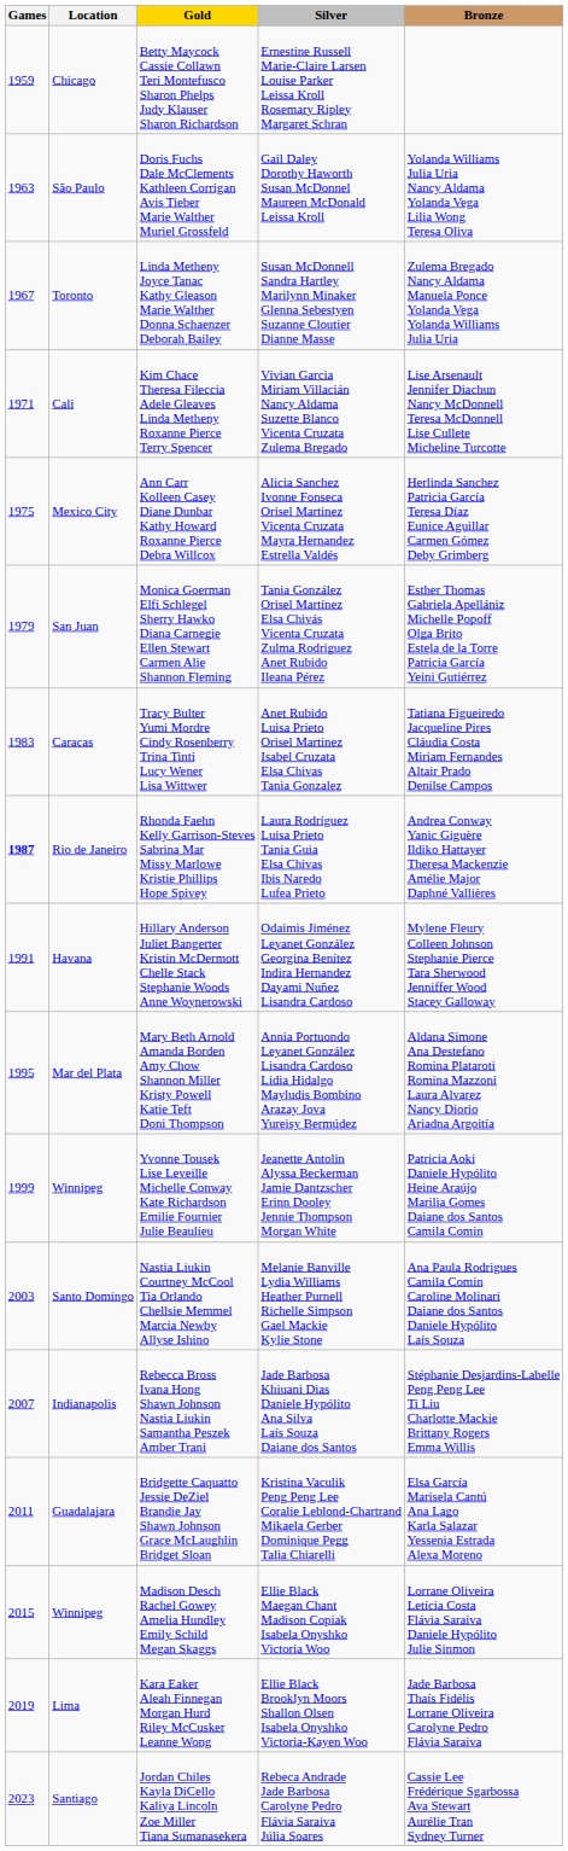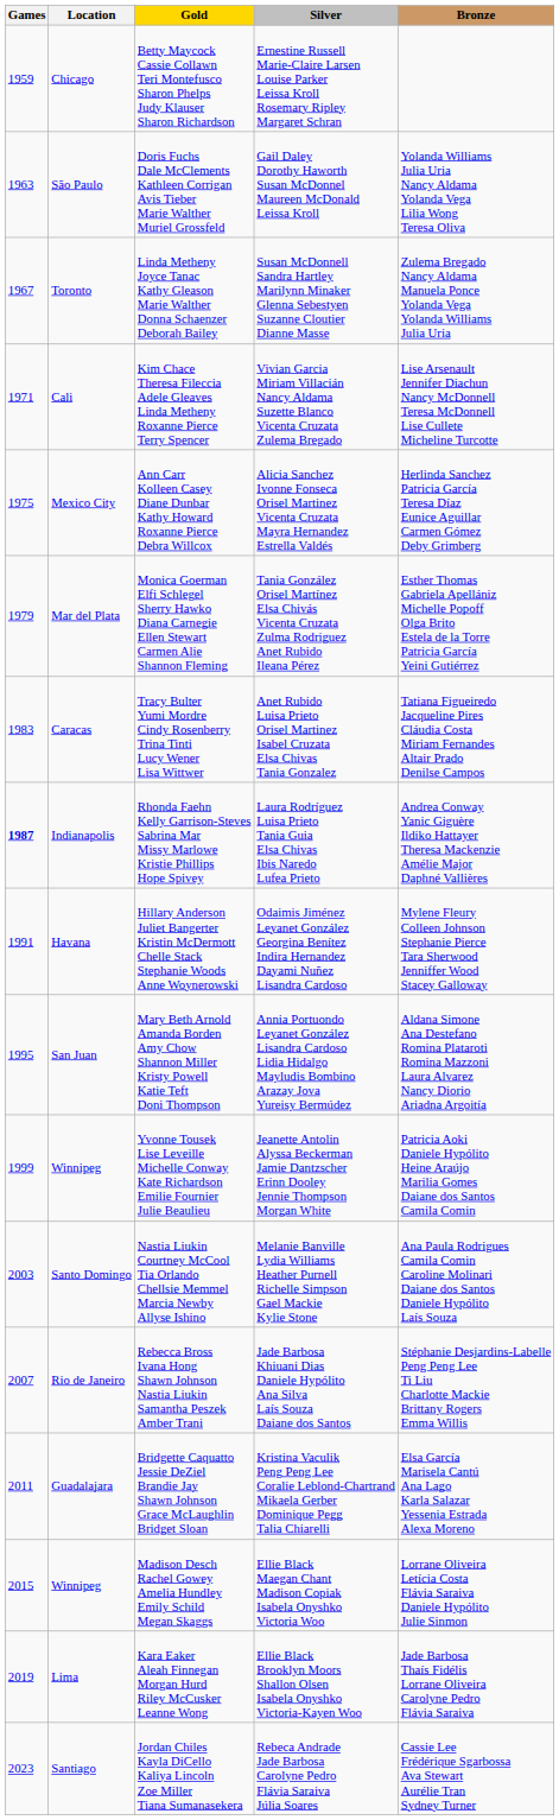 <table class="wikitable">
 <tr>
 <th>Games</th>
 <th>Location</th>
 <th style="background-color:gold;">Gold</th>
 <th style="background-color:silver;">Silver</th>
 <th style="background-color:#cc9966;">Bronze</th>
 </tr>
 <tr>
 <td><a href='#'>1959</a></td>
 <td> <a href='#'>Chicago</a></td>
 <td><br><a href='#'>Betty Maycock</a><br><a href='#'>Cassie Collawn</a><br><a href='#'>Teri Montefusco</a><br><a href='#'>Sharon Phelps</a><br><a href='#'>Judy Klauser</a><br><a href='#'>Sharon Richardson</a></td>
 <td><br><a href='#'>Ernestine Russell</a><br><a href='#'>Marie-Claire Larsen</a><br><a href='#'>Louise Parker</a><br><a href='#'>Leissa Kroll</a><br><a href='#'>Rosemary Ripley</a><br><a href='#'>Margaret Schran</a></td>
 <td></td>
 </tr>
 <tr>
 <td><a href='#'>1963</a></td>
 <td> <a href='#'>São Paulo</a></td>
 <td><br><a href='#'>Doris Fuchs</a><br><a href='#'>Dale McClements</a><br><a href='#'>Kathleen Corrigan</a><br><a href='#'>Avis Tieber</a><br><a href='#'>Marie Walther</a><br><a href='#'>Muriel Grossfeld</a></td>
 <td valign=top><br><a href='#'>Gail Daley</a><br><a href='#'>Dorothy Haworth</a><br><a href='#'>Susan McDonnel</a><br><a href='#'>Maureen McDonald</a><br><a href='#'>Leissa Kroll</a></td>
 <td><br><a href='#'>Yolanda Williams</a><br><a href='#'>Julia Uria</a><br><a href='#'>Nancy Aldama</a><br><a href='#'>Yolanda Vega</a><br><a href='#'>Lilia Wong</a><br><a href='#'>Teresa Oliva</a></td>
 </tr>
 <tr>
 <td><a href='#'>1967</a></td>
 <td> <a href='#'>Toronto</a></td>
 <td><br><a href='#'>Linda Metheny</a><br><a href='#'>Joyce Tanac</a><br><a href='#'>Kathy Gleason</a><br><a href='#'>Marie Walther</a><br><a href='#'>Donna Schaenzer</a><br><a href='#'>Deborah Bailey</a></td>
 <td><br><a href='#'>Susan McDonnell</a><br><a href='#'>Sandra Hartley</a><br><a href='#'>Marilynn Minaker</a><br><a href='#'>Glenna Sebestyen</a><br><a href='#'>Suzanne Cloutier</a><br><a href='#'>Dianne Masse</a></td>
 <td><br><a href='#'>Zulema Bregado</a><br><a href='#'>Nancy Aldama</a><br><a href='#'>Manuela Ponce</a><br><a href='#'>Yolanda Vega</a><br><a href='#'>Yolanda Williams</a><br><a href='#'>Julia Uria</a></td>
 </tr>
 <tr>
 <td><a href='#'>1971</a></td>
 <td> <a href='#'>Cali</a></td>
 <td><br><a href='#'>Kim Chace</a><br><a href='#'>Theresa Fileccia</a><br><a href='#'>Adele Gleaves</a><br><a href='#'>Linda Metheny</a><br><a href='#'>Roxanne Pierce</a><br><a href='#'>Terry Spencer</a></td>
 <td><br><a href='#'>Vivian Garcia</a><br><a href='#'>Miriam Villacián</a><br><a href='#'>Nancy Aldama</a><br><a href='#'>Suzette Blanco</a><br><a href='#'>Vicenta Cruzata</a><br><a href='#'>Zulema Bregado</a></td>
 <td><br><a href='#'>Lise Arsenault</a><br><a href='#'>Jennifer Diachun</a><br><a href='#'>Nancy McDonnell</a><br><a href='#'>Teresa McDonnell</a><br><a href='#'>Lise Cullete</a><br><a href='#'>Micheline Turcotte</a></td>
 </tr>
 <tr>
 <td><a href='#'>1975</a></td>
 <td> <a href='#'>Mexico City</a></td>
 <td><br><a href='#'>Ann Carr</a><br><a href='#'>Kolleen Casey</a><br><a href='#'>Diane Dunbar</a><br><a href='#'>Kathy Howard</a><br><a href='#'>Roxanne Pierce</a><br><a href='#'>Debra Willcox</a></td>
 <td><br><a href='#'>Alicia Sanchez</a><br><a href='#'>Ivonne Fonseca</a><br><a href='#'>Orisel Martinez</a><br><a href='#'>Vicenta Cruzata</a><br><a href='#'>Mayra Hernandez</a><br><a href='#'>Estrella Valdés</a></td>
 <td><br><a href='#'>Herlinda Sanchez</a><br><a href='#'>Patricia García</a><br><a href='#'>Teresa Díaz</a><br><a href='#'>Eunice Aguillar</a><br><a href='#'>Carmen Gómez</a><br><a href='#'>Deby Grimberg</a></td>
 </tr>
 <tr>
 <td><a href='#'>1979</a></td>
-<td> <a href='#'>San Juan</a></td>
+<td> <a href='#'>Mar del Plata</a></td>
 <td><br><a href='#'>Monica Goerman</a><br><a href='#'>Elfi Schlegel</a><br><a href='#'>Sherry Hawko</a><br><a href='#'>Diana Carnegie</a><br><a href='#'>Ellen Stewart</a><br><a href='#'>Carmen Alie</a><br><a href='#'>Shannon Fleming</a></td>
 <td><br><a href='#'>Tania González</a><br><a href='#'>Orisel Martínez</a><br><a href='#'>Elsa Chivás</a><br><a href='#'>Vicenta Cruzata</a><br><a href='#'>Zulma Rodriguez</a><br><a href='#'>Anet Rubido</a><br><a href='#'>Ileana Pérez</a></td>
 <td><br><a href='#'>Esther Thomas</a><br><a href='#'>Gabriela Apellániz</a><br><a href='#'>Michelle Popoff</a><br><a href='#'>Olga Brito</a><br><a href='#'>Estela de la Torre</a><br><a href='#'>Patricia García</a><br><a href='#'>Yeini Gutiérrez</a></td>
 </tr>
 <tr>
 <td><a href='#'>1983</a></td>
 <td> <a href='#'>Caracas</a></td>
 <td><br><a href='#'>Tracy Bulter</a><br><a href='#'>Yumi Mordre</a><br><a href='#'>Cindy Rosenberry</a><br><a href='#'>Trina Tinti</a><br><a href='#'>Lucy Wener</a><br><a href='#'>Lisa Wittwer</a></td>
 <td><br><a href='#'>Anet Rubido</a><br><a href='#'>Luisa Prieto</a><br><a href='#'>Orisel Martinez</a><br><a href='#'>Isabel Cruzata</a><br><a href='#'>Elsa Chivas</a><br><a href='#'>Tania Gonzalez</a></td>
 <td><br><a href='#'>Tatiana Figueiredo</a><br><a href='#'>Jacqueline Pires</a><br><a href='#'>Cláudia Costa</a><br><a href='#'>Miriam Fernandes</a><br><a href='#'>Altair Prado</a><br><a href='#'>Denilse Campos</a></td>
 </tr>
 <tr>
 <td><strong><a href='#'>1987</a></strong></td>
-<td> <a href='#'>Rio de Janeiro</a></td>
+<td> <a href='#'>Indianapolis</a></td>
 <td><br><a href='#'>Rhonda Faehn</a><br><a href='#'>Kelly Garrison-Steves</a><br><a href='#'>Sabrina Mar</a><br><a href='#'>Missy Marlowe</a><br><a href='#'>Kristie Phillips</a><br><a href='#'>Hope Spivey</a></td>
 <td><br><a href='#'>Laura Rodríguez</a><br><a href='#'>Luisa Prieto</a><br><a href='#'>Tania Guia</a><br><a href='#'>Elsa Chivas</a><br><a href='#'>Ibis Naredo</a><br><a href='#'>Lufea Prieto</a></td>
 <td><br><a href='#'>Andrea Conway</a><br><a href='#'>Yanic Giguère</a><br><a href='#'>Ildiko Hattayer</a><br><a href='#'>Theresa Mackenzie</a><br><a href='#'>Amélie Major</a><br><a href='#'>Daphné Vallières</a></td>
 </tr>
 <tr>
 <td><a href='#'>1991</a></td>
 <td> <a href='#'>Havana</a></td>
 <td><br><a href='#'>Hillary Anderson</a><br><a href='#'>Juliet Bangerter</a><br><a href='#'>Kristin McDermott</a><br><a href='#'>Chelle Stack</a><br><a href='#'>Stephanie Woods</a><br><a href='#'>Anne Woynerowski</a></td>
 <td><br><a href='#'>Odaimis Jiménez</a><br><a href='#'>Leyanet González</a><br><a href='#'>Georgina Benítez</a><br><a href='#'>Indira Hernandez</a><br><a href='#'>Dayami Nuñez</a><br><a href='#'>Lisandra Cardoso</a></td>
 <td><br><a href='#'>Mylene Fleury</a><br><a href='#'>Colleen Johnson</a><br><a href='#'>Stephanie Pierce</a><br><a href='#'>Tara Sherwood</a><br><a href='#'>Jenniffer Wood</a><br><a href='#'>Stacey Galloway</a></td>
 </tr>
 <tr>
 <td><a href='#'>1995</a></td>
-<td> <a href='#'>Mar del Plata</a></td>
+<td> <a href='#'>San Juan</a></td>
 <td><br><a href='#'>Mary Beth Arnold</a><br><a href='#'>Amanda Borden</a><br><a href='#'>Amy Chow</a><br><a href='#'>Shannon Miller</a><br><a href='#'>Kristy Powell</a><br><a href='#'>Katie Teft</a><br><a href='#'>Doni Thompson</a></td>
 <td><br><a href='#'>Annia Portuondo</a><br><a href='#'>Leyanet González</a><br><a href='#'>Lisandra Cardoso</a><br><a href='#'>Lidia Hidalgo</a><br><a href='#'>Mayludis Bombino</a><br><a href='#'>Arazay Jova</a><br><a href='#'>Yureisy Bermúdez</a></td>
 <td><br><a href='#'>Aldana Simone</a><br><a href='#'>Ana Destefano</a><br><a href='#'>Romina Plataroti</a><br><a href='#'>Romina Mazzoni</a><br><a href='#'>Laura Alvarez</a><br><a href='#'>Nancy Diorio</a><br><a href='#'>Ariadna Argoitía</a></td>
 </tr>
 <tr>
 <td><a href='#'>1999</a></td>
 <td> <a href='#'>Winnipeg</a></td>
 <td><br><a href='#'>Yvonne Tousek</a><br><a href='#'>Lise Leveille</a><br><a href='#'>Michelle Conway</a><br><a href='#'>Kate Richardson</a><br><a href='#'>Emilie Fournier</a><br><a href='#'>Julie Beaulieu</a></td>
 <td><br><a href='#'>Jeanette Antolin</a><br><a href='#'>Alyssa Beckerman</a><br><a href='#'>Jamie Dantzscher</a><br><a href='#'>Erinn Dooley</a><br><a href='#'>Jennie Thompson</a><br><a href='#'>Morgan White</a></td>
 <td><br><a href='#'>Patricia Aoki</a><br><a href='#'>Daniele Hypólito</a><br><a href='#'>Heine Araújo</a><br><a href='#'>Marilia Gomes</a><br><a href='#'>Daiane dos Santos</a><br><a href='#'>Camila Comin</a></td>
 </tr>
 <tr>
 <td><a href='#'>2003</a></td>
 <td> <a href='#'>Santo Domingo</a></td>
 <td><br><a href='#'>Nastia Liukin</a><br><a href='#'>Courtney McCool</a><br><a href='#'>Tia Orlando</a><br><a href='#'>Chellsie Memmel</a><br><a href='#'>Marcia Newby</a><br><a href='#'>Allyse Ishino</a></td>
 <td><br><a href='#'>Melanie Banville</a><br><a href='#'>Lydia Williams</a><br><a href='#'>Heather Purnell</a><br><a href='#'>Richelle Simpson</a><br><a href='#'>Gael Mackie</a><br><a href='#'>Kylie Stone</a></td>
 <td><br><a href='#'>Ana Paula Rodrigues</a><br><a href='#'>Camila Comin</a><br><a href='#'>Caroline Molinari</a><br><a href='#'>Daiane dos Santos</a><br><a href='#'>Daniele Hypólito</a><br><a href='#'>Laís Souza</a></td>
 </tr>
 <tr>
 <td><a href='#'>2007</a></td>
-<td> <a href='#'>Indianapolis</a></td>
+<td> <a href='#'>Rio de Janeiro</a></td>
 <td><br><a href='#'>Rebecca Bross</a><br><a href='#'>Ivana Hong</a><br><a href='#'>Shawn Johnson</a><br><a href='#'>Nastia Liukin</a><br><a href='#'>Samantha Peszek</a><br><a href='#'>Amber Trani</a></td>
 <td><br><a href='#'>Jade Barbosa</a><br><a href='#'>Khiuani Dias</a><br><a href='#'>Daniele Hypólito</a><br><a href='#'>Ana Silva</a><br><a href='#'>Laís Souza</a><br><a href='#'>Daiane dos Santos</a></td>
 <td><br><a href='#'>Stéphanie Desjardins-Labelle</a><br><a href='#'>Peng Peng Lee</a><br><a href='#'>Ti Liu</a><br><a href='#'>Charlotte Mackie</a><br><a href='#'>Brittany Rogers</a><br><a href='#'>Emma Willis</a></td>
 </tr>
 <tr>
 <td><a href='#'>2011</a></td>
 <td> <a href='#'>Guadalajara</a></td>
 <td><br><a href='#'>Bridgette Caquatto</a><br><a href='#'>Jessie DeZiel</a><br><a href='#'>Brandie Jay</a><br><a href='#'>Shawn Johnson</a><br><a href='#'>Grace McLaughlin</a><br><a href='#'>Bridget Sloan</a></td>
 <td><br><a href='#'>Kristina Vaculik</a><br><a href='#'>Peng Peng Lee</a><br><a href='#'>Coralie Leblond-Chartrand</a><br><a href='#'>Mikaela Gerber</a><br><a href='#'>Dominique Pegg</a><br><a href='#'>Talia Chiarelli</a></td>
 <td><br><a href='#'>Elsa García</a><br><a href='#'>Marisela Cantú</a><br><a href='#'>Ana Lago</a><br><a href='#'>Karla Salazar</a><br><a href='#'>Yessenia Estrada</a><br><a href='#'>Alexa Moreno</a></td>
 </tr>
 <tr>
 <td><a href='#'>2015</a></td>
 <td> <a href='#'>Winnipeg</a></td>
 <td><br><a href='#'>Madison Desch</a><br><a href='#'>Rachel Gowey</a><br><a href='#'>Amelia Hundley</a><br><a href='#'>Emily Schild</a><br><a href='#'>Megan Skaggs</a></td>
 <td><br><a href='#'>Ellie Black</a><br><a href='#'>Maegan Chant</a><br><a href='#'>Madison Copiak</a><br><a href='#'>Isabela Onyshko</a><br><a href='#'>Victoria Woo</a></td>
 <td><br><a href='#'>Lorrane Oliveira</a><br><a href='#'>Letícia Costa</a><br><a href='#'>Flávia Saraiva</a><br><a href='#'>Daniele Hypólito</a><br><a href='#'>Julie Sinmon</a></td>
 </tr>
 <tr>
 <td><a href='#'>2019</a></td>
 <td> <a href='#'>Lima</a></td>
 <td><br><a href='#'>Kara Eaker</a><br><a href='#'>Aleah Finnegan</a><br><a href='#'>Morgan Hurd</a><br><a href='#'>Riley McCusker</a><br><a href='#'>Leanne Wong</a></td>
 <td><br><a href='#'>Ellie Black</a><br><a href='#'>Brooklyn Moors</a><br><a href='#'>Shallon Olsen</a><br><a href='#'>Isabela Onyshko</a><br><a href='#'>Victoria-Kayen Woo</a></td>
 <td><br><a href='#'>Jade Barbosa</a><br><a href='#'>Thaís Fidélis</a><br><a href='#'>Lorrane Oliveira</a><br><a href='#'>Carolyne Pedro</a><br><a href='#'>Flávia Saraiva</a></td>
 </tr>
 <tr>
 <td><a href='#'>2023</a></td>
 <td> <a href='#'>Santiago</a></td>
 <td><br><a href='#'>Jordan Chiles</a><br><a href='#'>Kayla DiCello</a><br><a href='#'>Kaliya Lincoln</a><br><a href='#'>Zoe Miller</a><br><a href='#'>Tiana Sumanasekera</a></td>
 <td><br><a href='#'>Rebeca Andrade</a><br><a href='#'>Jade Barbosa</a><br><a href='#'>Carolyne Pedro</a><br><a href='#'>Flávia Saraiva</a><br><a href='#'>Júlia Soares</a></td>
 <td><br><a href='#'>Cassie Lee</a><br><a href='#'>Frédérique Sgarbossa</a><br><a href='#'>Ava Stewart</a><br><a href='#'>Aurélie Tran</a><br><a href='#'>Sydney Turner</a></td>
 </tr>
 </table>
